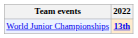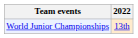 <table style='font-size: 90%; text-align:center;' class='wikitable'>
 <tr>
 <th>Team events</th>
 <th>2022</th>
 </tr>
 <tr>
 <td bgcolor="#ECF2FF"; align="left"><a href='#'>World Junior Championships</a></td>
-<td bgcolor=FFEBCD><strong><a href='#'>13th</a></strong></td>
+<td bgcolor=FFEBCD><a href='#'>13th</a></td>
 </tr>
 </table>
